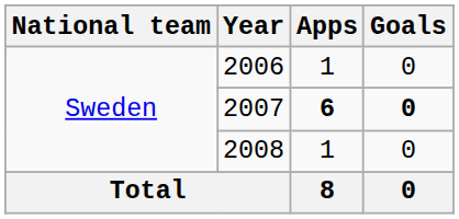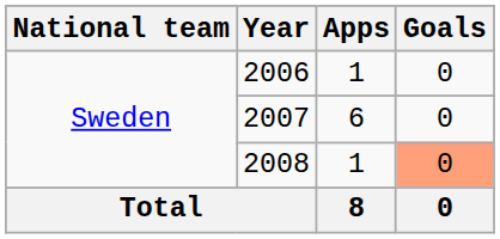 <table class="wikitable" style="text-align:center">
 <tr>
 <th>National team</th>
 <th>Year</th>
 <th>Apps</th>
 <th>Goals</th>
 </tr>
 <tr>
 <td rowspan="3"><a href='#'>Sweden</a></td>
 <td>2006</td>
 <td>1</td>
 <td>0</td>
 </tr>
 <tr>
 <td>2007</td>
-<td><strong>6</strong></td>
-<td><strong>0</strong></td>
+<td>6</td>
+<td>0</td>
 </tr>
 <tr>
 <td>2008</td>
 <td>1</td>
-<td>0</td>
+<td style="background: lightsalmon;">0</td>
 </tr>
 <tr>
 <th colspan=2>Total</th>
 <th>8</th>
 <th>0</th>
 </tr>
 </table>
